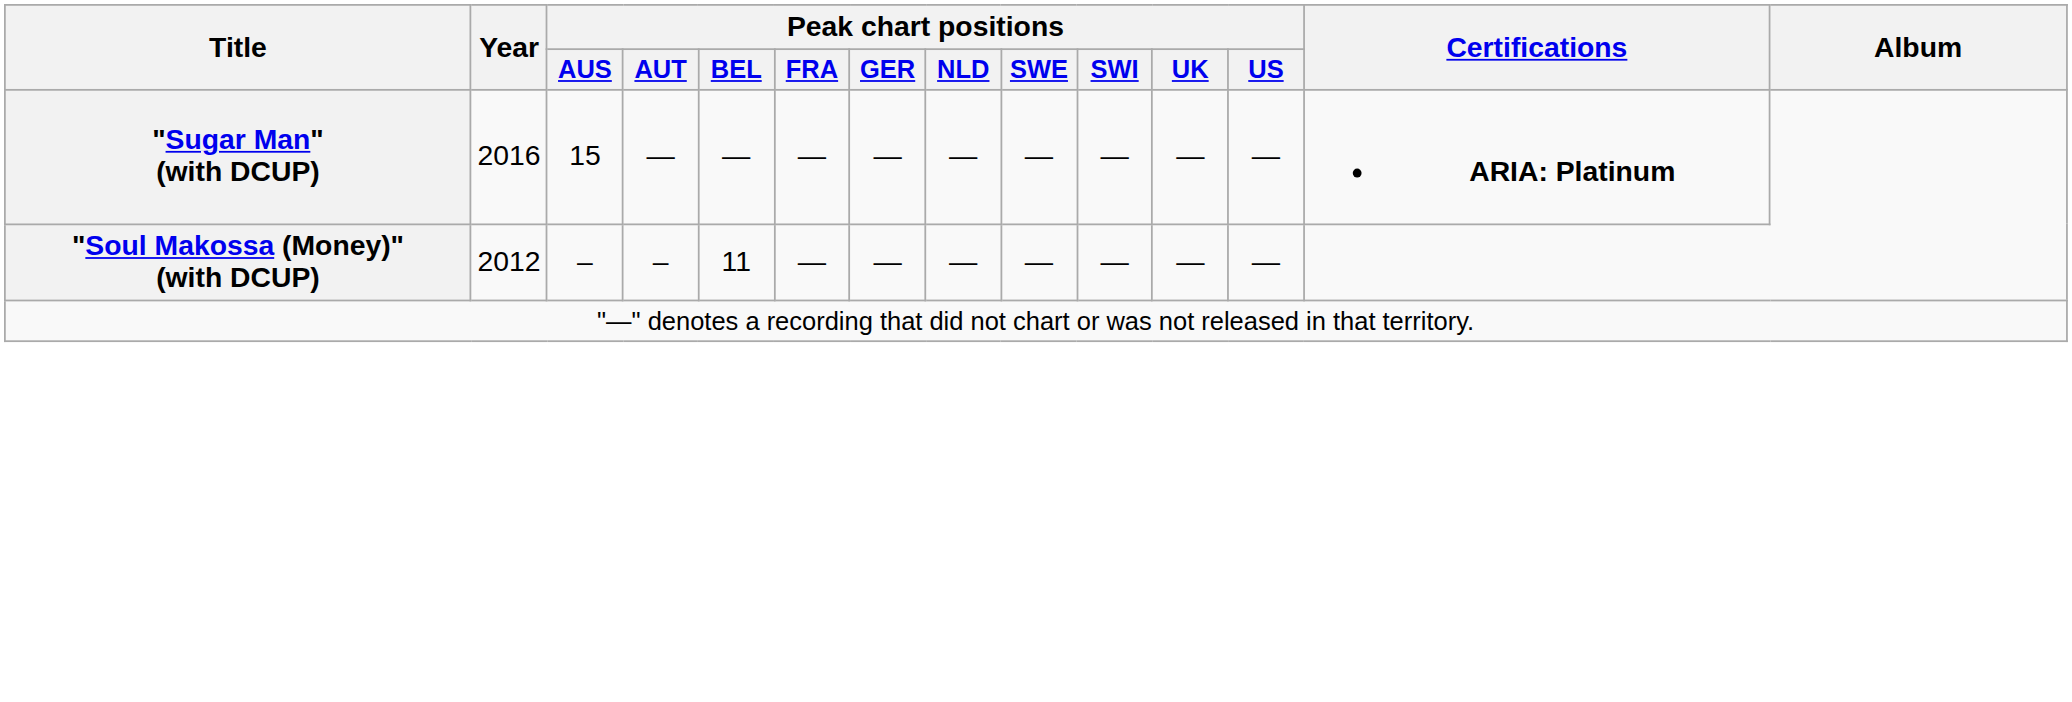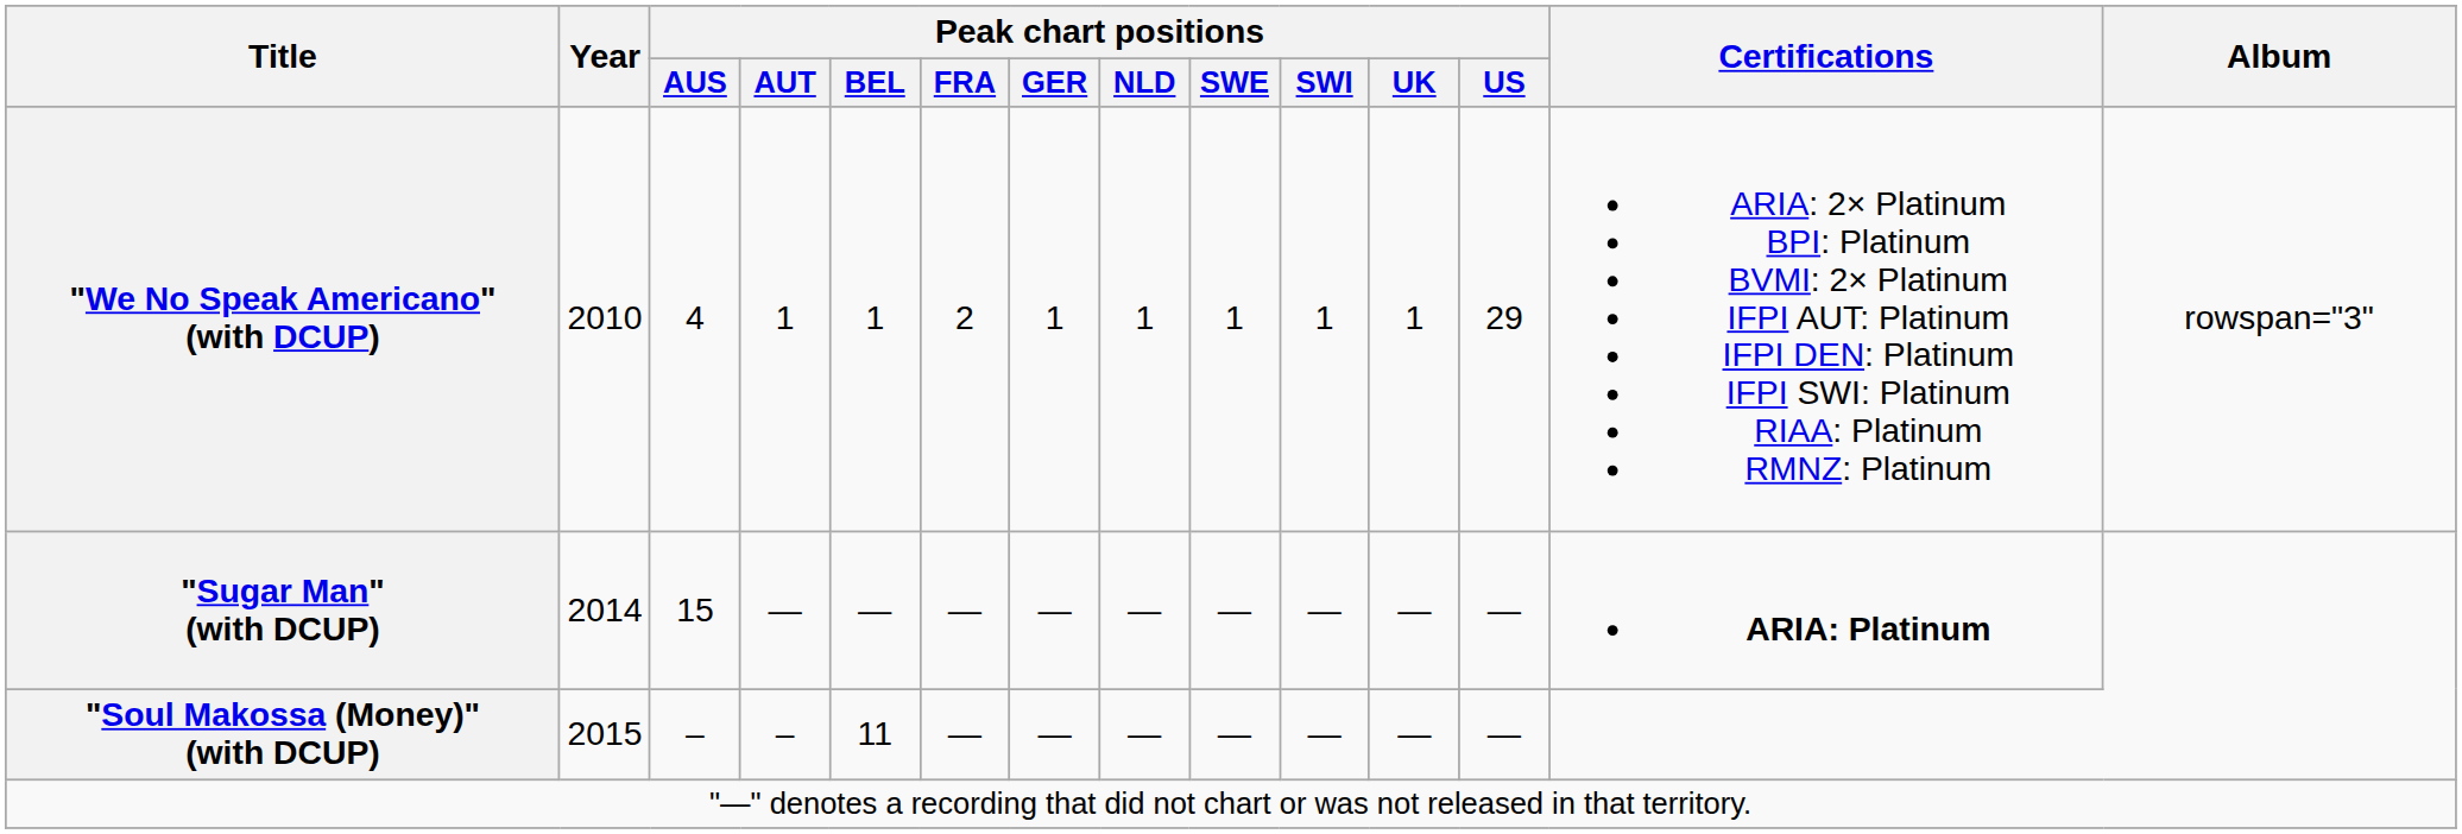 <table class="wikitable plainrowheaders" style="text-align:center;" border="1">
 <tr>
 <th scope="col" rowspan="2" style="width:16em;">Title</th>
 <th scope="col" rowspan="2" style="width:1em;">Year</th>
 <th scope="col" colspan="10">Peak chart positions</th>
 <th scope="col" rowspan="2" style="width:16em;"><a href='#'>Certifications</a></th>
 <th scope="col" rowspan="2" style="width:10em;">Album</th>
 </tr>
 <tr>
 <th scope="col" style="width:2.5em;font-size:90%;"><a href='#'>AUS</a><br></th>
 <th scope="col" style="width:2.5em;font-size:90%;"><a href='#'>AUT</a><br></th>
 <th scope="col" style="width:2.5em;font-size:90%;"><a href='#'>BEL</a><br></th>
 <th scope="col" style="width:2.5em;font-size:90%;"><a href='#'>FRA</a><br></th>
 <th scope="col" style="width:2.5em;font-size:90%;"><a href='#'>GER</a><br></th>
 <th scope="col" style="width:2.5em;font-size:90%;"><a href='#'>NLD</a><br></th>
 <th scope="col" style="width:2.5em;font-size:90%;"><a href='#'>SWE</a><br></th>
 <th scope="col" style="width:2.5em;font-size:90%;"><a href='#'>SWI</a><br></th>
 <th scope="col" style="width:2.5em;font-size:90%;"><a href='#'>UK</a><br></th>
 <th scope="col" style="width:2.5em;font-size:90%;"><a href='#'>US</a><br></th>
 </tr>
 <tr>
+<th scope="row">"<a href='#'>We No Speak Americano</a>" <br><span>(with <a href='#'>DCUP</a>)</span></th>
+<td>2010</td>
+<td>4</td>
+<td>1</td>
+<td>1</td>
+<td>2</td>
+<td>1</td>
+<td>1</td>
+<td>1</td>
+<td>1</td>
+<td>1</td>
+<td>29</td>
+<td><br><ul><li><a href='#'>ARIA</a>: 2× Platinum</li><li><a href='#'>BPI</a>: Platinum</li><li><a href='#'>BVMI</a>: 2× Platinum</li><li><a href='#'>IFPI</a> AUT: Platinum</li><li><a href='#'>IFPI DEN</a>: Platinum</li><li><a href='#'>IFPI</a> SWI: Platinum</li><li><a href='#'>RIAA</a>: Platinum</li><li><a href='#'>RMNZ</a>: Platinum</li></ul></td>
+<td>rowspan="3" </td>
+</tr>
+<tr>
 <th scope="row">"<a href='#'>Sugar Man</a>" <br><span>(with DCUP)</span></th>
-<td>2016</td>
+<td>2014</td>
 <td>15</td>
 <td>—</td>
 <td>—</td>
 <td>—</td>
 <td>—</td>
 <td>—</td>
 <td>—</td>
 <td>—</td>
 <td>—</td>
 <td>—</td>
 <td><strong><br><ul><li>ARIA: Platinum</li></ul></strong></td>
 </tr>
 <tr>
 <th scope="row">"<a href='#'>Soul Makossa</a> (Money)" <br><span>(with DCUP)</span></th>
-<td>2012</td>
+<td>2015</td>
 <td>–</td>
 <td>–</td>
 <td>11</td>
 <td>—</td>
 <td>—</td>
 <td>—</td>
 <td>—</td>
 <td>—</td>
 <td>—</td>
 <td>—</td>
 </tr>
 <tr>
 <td colspan="14" style="font-size:90%">"—" denotes a recording that did not chart or was not released in that territory.</td>
 </tr>
 </table>
